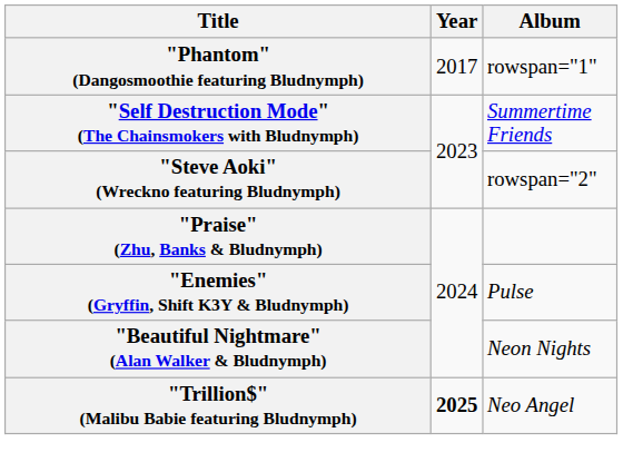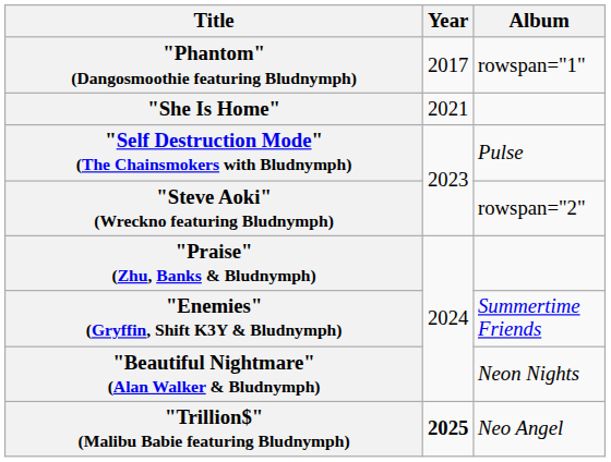 <table class="wikitable plainrowheaders" style="text-align:left;">
 <tr>
 <th scope="col"  style="width:20em;">Title</th>
 <th scope="col"  style="width:2em;">Year</th>
 <th scope="col"  style="width:6em;">Album</th>
 </tr>
 <tr>
 <th scope="row">"Phantom" <br><small>(Dangosmoothie featuring Bludnymph)</small></th>
 <td>2017</td>
 <td>rowspan="1"</td>
 </tr>
 <tr>
+<th scope="row">"She Is Home"<br></th>
+<td>2021</td>
+<td></td>
+</tr>
+<tr>
 <th scope="row">"<a href='#'>Self Destruction Mode</a>" <br><small>(<a href='#'>The Chainsmokers</a> with Bludnymph)</small></th>
 <td rowspan="2">2023</td>
-<td><em><a href='#'>Summertime Friends</a></em></td>
+<td><em>Pulse</em></td>
 </tr>
 <tr>
 <th scope="row">"Steve Aoki" <br><small>(Wreckno featuring Bludnymph)</small></th>
 <td>rowspan="2"</td>
 </tr>
 <tr>
 <th scope="row">"Praise" <br><small>(<a href='#'>Zhu</a>, <a href='#'>Banks</a> & Bludnymph)</small></th>
 <td rowspan="3">2024</td>
 </tr>
 <tr>
 <th scope="row">"Enemies"<br><small>(<a href='#'>Gryffin</a>, Shift K3Y & Bludnymph)</small></th>
-<td><em>Pulse</em></td>
+<td><em><a href='#'>Summertime Friends</a></em></td>
 </tr>
 <tr>
 <th scope="row">"Beautiful Nightmare"<br><small>(<a href='#'>Alan Walker</a> & Bludnymph)</small></th>
 <td><em>Neon Nights</em></td>
 </tr>
 <tr>
 <th scope="row">"Trillion$"<br><small>(Malibu Babie featuring Bludnymph)</small></th>
 <td><strong>2025</strong></td>
 <td><em>Neo Angel</em></td>
 </tr>
 </table>
